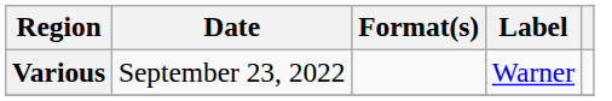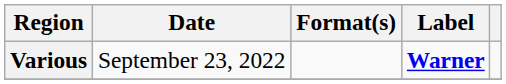 <table class="wikitable plainrowheaders">
 <tr>
 <th scope="col">Region</th>
 <th scope="col">Date</th>
 <th scope="col">Format(s)</th>
 <th scope="col">Label</th>
 <th scope="col"></th>
 </tr>
 <tr>
 <th scope="row">Various</th>
 <td>September 23, 2022</td>
 <td></td>
-<td><a href='#'>Warner</a></td>
+<td><strong><a href='#'>Warner</a></strong></td>
 <td align="center"></td>
 </tr>
 <tr>
 </tr>
 </table>
